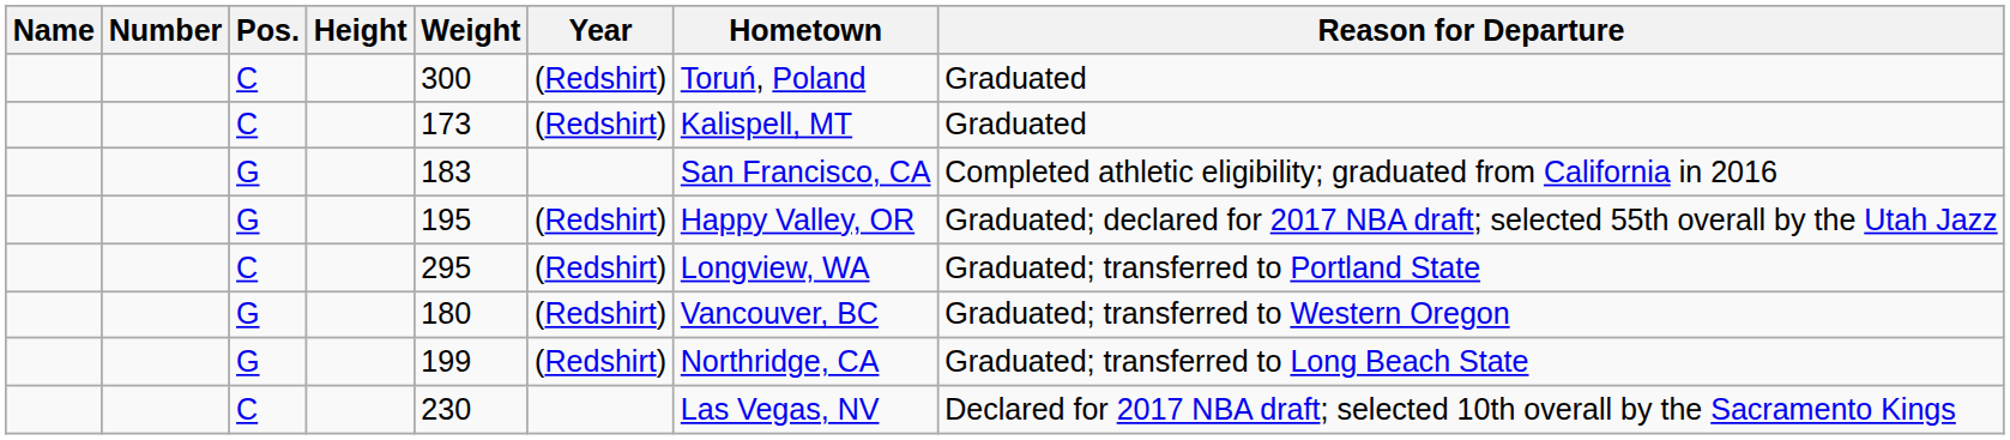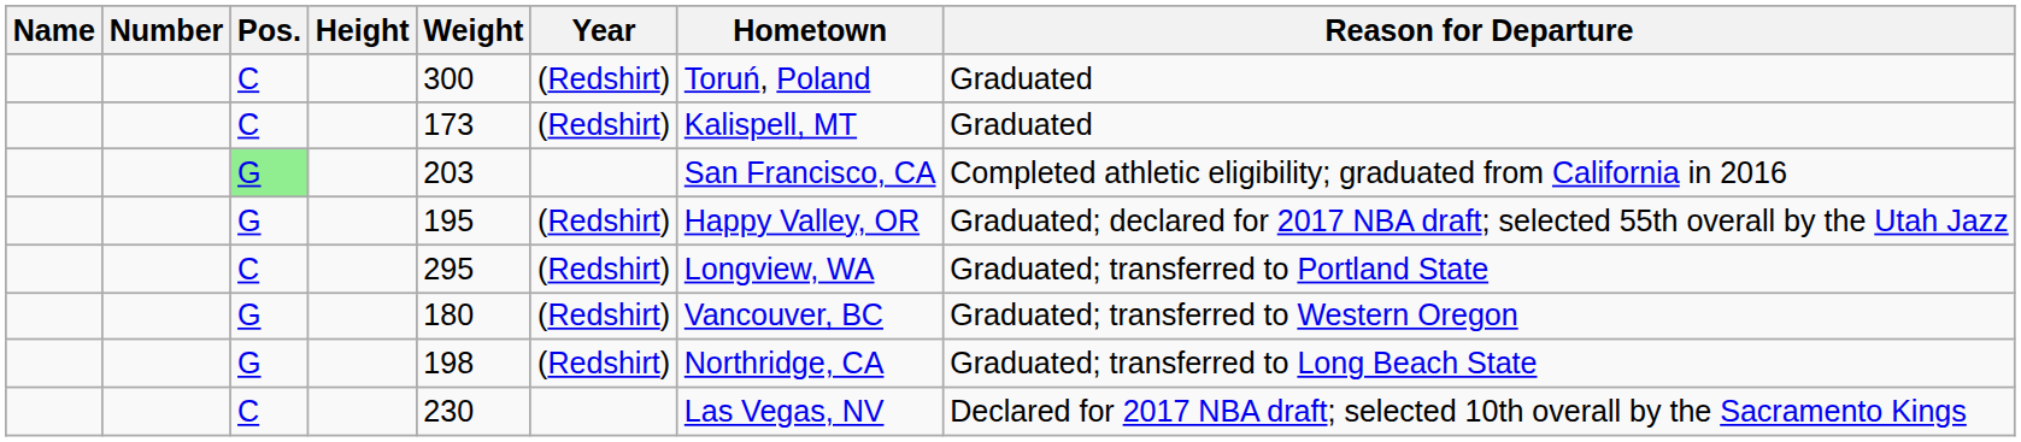 <table class="wikitable sortable" style="font-size:90%;" border="1">
 <tr>
 <th>Name</th>
 <th>Number</th>
 <th>Pos.</th>
 <th>Height</th>
 <th>Weight</th>
 <th>Year</th>
 <th>Hometown</th>
 <th ! class="unsortable">Reason for Departure</th>
 </tr>
 <tr>
 <td></td>
 <td></td>
 <td><a href='#'>C</a></td>
 <td></td>
 <td>300</td>
 <td> (<a href='#'>Redshirt</a>)</td>
 <td><a href='#'>Toruń</a>, <a href='#'>Poland</a></td>
 <td>Graduated</td>
 </tr>
 <tr>
 <td></td>
 <td></td>
 <td><a href='#'>C</a></td>
 <td></td>
 <td>173</td>
 <td> (<a href='#'>Redshirt</a>)</td>
 <td><a href='#'>Kalispell, MT</a></td>
 <td>Graduated</td>
 </tr>
 <tr>
 <td></td>
 <td></td>
-<td><a href='#'>G</a></td>
+<td style="background: lightgreen;"><a href='#'>G</a></td>
 <td></td>
-<td>183</td>
+<td>203</td>
 <td></td>
 <td><a href='#'>San Francisco, CA</a></td>
 <td>Completed athletic eligibility; graduated from <a href='#'>California</a> in 2016</td>
 </tr>
 <tr>
 <td></td>
 <td></td>
 <td><a href='#'>G</a></td>
 <td></td>
 <td>195</td>
 <td> (<a href='#'>Redshirt</a>)</td>
 <td><a href='#'>Happy Valley, OR</a></td>
 <td>Graduated; declared for <a href='#'>2017 NBA draft</a>; selected 55th overall by the <a href='#'>Utah Jazz</a></td>
 </tr>
 <tr>
 <td></td>
 <td></td>
 <td><a href='#'>C</a></td>
 <td></td>
 <td>295</td>
 <td> (<a href='#'>Redshirt</a>)</td>
 <td><a href='#'>Longview, WA</a></td>
 <td>Graduated; transferred to <a href='#'>Portland State</a></td>
 </tr>
 <tr>
 <td></td>
 <td></td>
 <td><a href='#'>G</a></td>
 <td></td>
 <td>180</td>
 <td> (<a href='#'>Redshirt</a>)</td>
 <td><a href='#'>Vancouver, BC</a></td>
 <td>Graduated; transferred to <a href='#'>Western Oregon</a></td>
 </tr>
 <tr>
 <td></td>
 <td></td>
 <td><a href='#'>G</a></td>
 <td></td>
-<td>199</td>
+<td>198</td>
 <td> (<a href='#'>Redshirt</a>)</td>
 <td><a href='#'>Northridge, CA</a></td>
 <td>Graduated; transferred to <a href='#'>Long Beach State</a></td>
 </tr>
 <tr>
 <td></td>
 <td></td>
 <td><a href='#'>C</a></td>
 <td></td>
 <td>230</td>
 <td></td>
 <td><a href='#'>Las Vegas, NV</a></td>
 <td>Declared for <a href='#'>2017 NBA draft</a>; selected 10th overall by the <a href='#'>Sacramento Kings</a></td>
 </tr>
 </table>
